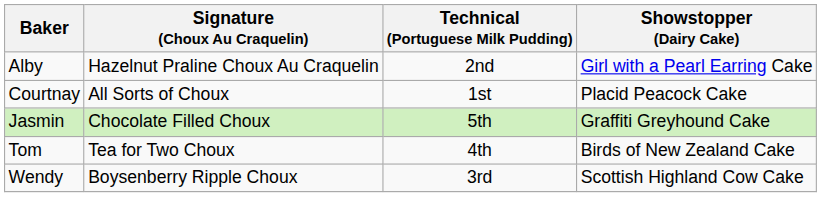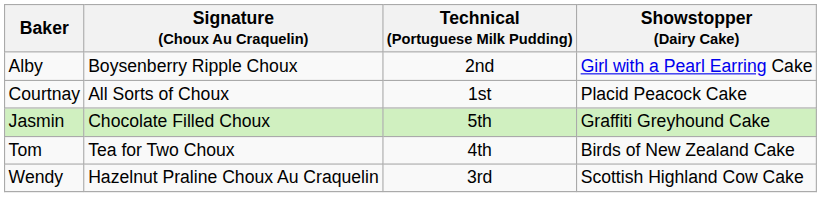 <table class="wikitable" style="text-align:center;">
 <tr>
 <th>Baker</th>
 <th>Signature<br><small>(Choux Au Craquelin)</small></th>
 <th>Technical<br><small>(Portuguese Milk Pudding)</small></th>
 <th>Showstopper<br><small>(Dairy Cake)</small></th>
 </tr>
 <tr>
 <td align="left">Alby</td>
-<td align="left">Hazelnut Praline Choux Au Craquelin</td>
+<td align="left">Boysenberry Ripple Choux</td>
 <td>2nd</td>
 <td align="left"><a href='#'>Girl with a Pearl Earring</a> Cake</td>
 </tr>
 <tr>
 <td align="left">Courtnay</td>
 <td align="left">All Sorts of Choux</td>
 <td>1st</td>
 <td align="left">Placid Peacock Cake</td>
 </tr>
 <tr style="background:#d0f0c0;">
 <td align="left">Jasmin</td>
 <td align="left">Chocolate Filled Choux</td>
 <td>5th</td>
 <td align="left">Graffiti Greyhound Cake</td>
 </tr>
 <tr>
 <td align="left">Tom</td>
 <td align="left">Tea for Two Choux</td>
 <td>4th</td>
 <td align="left">Birds of New Zealand Cake</td>
 </tr>
 <tr>
 <td align="left">Wendy</td>
-<td align="left">Boysenberry Ripple Choux</td>
+<td align="left">Hazelnut Praline Choux Au Craquelin</td>
 <td>3rd</td>
 <td align="left">Scottish Highland Cow Cake</td>
 </tr>
 <tr>
 </tr>
 </table>
